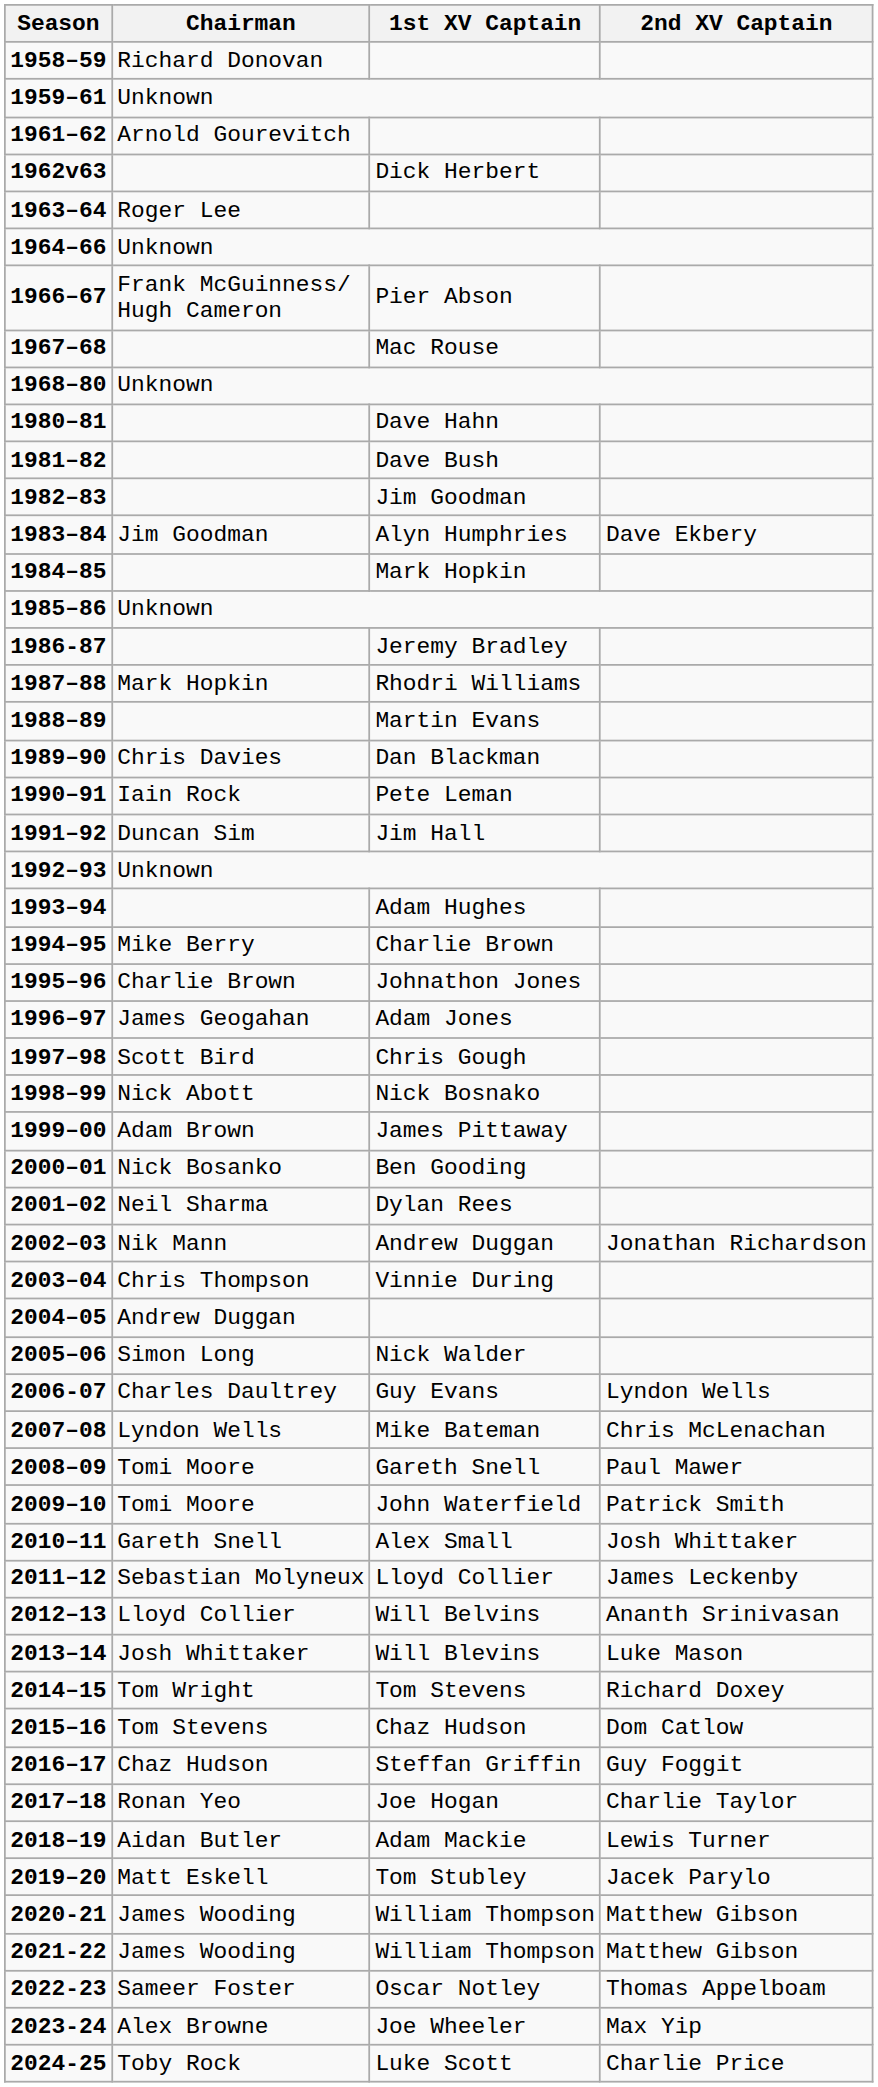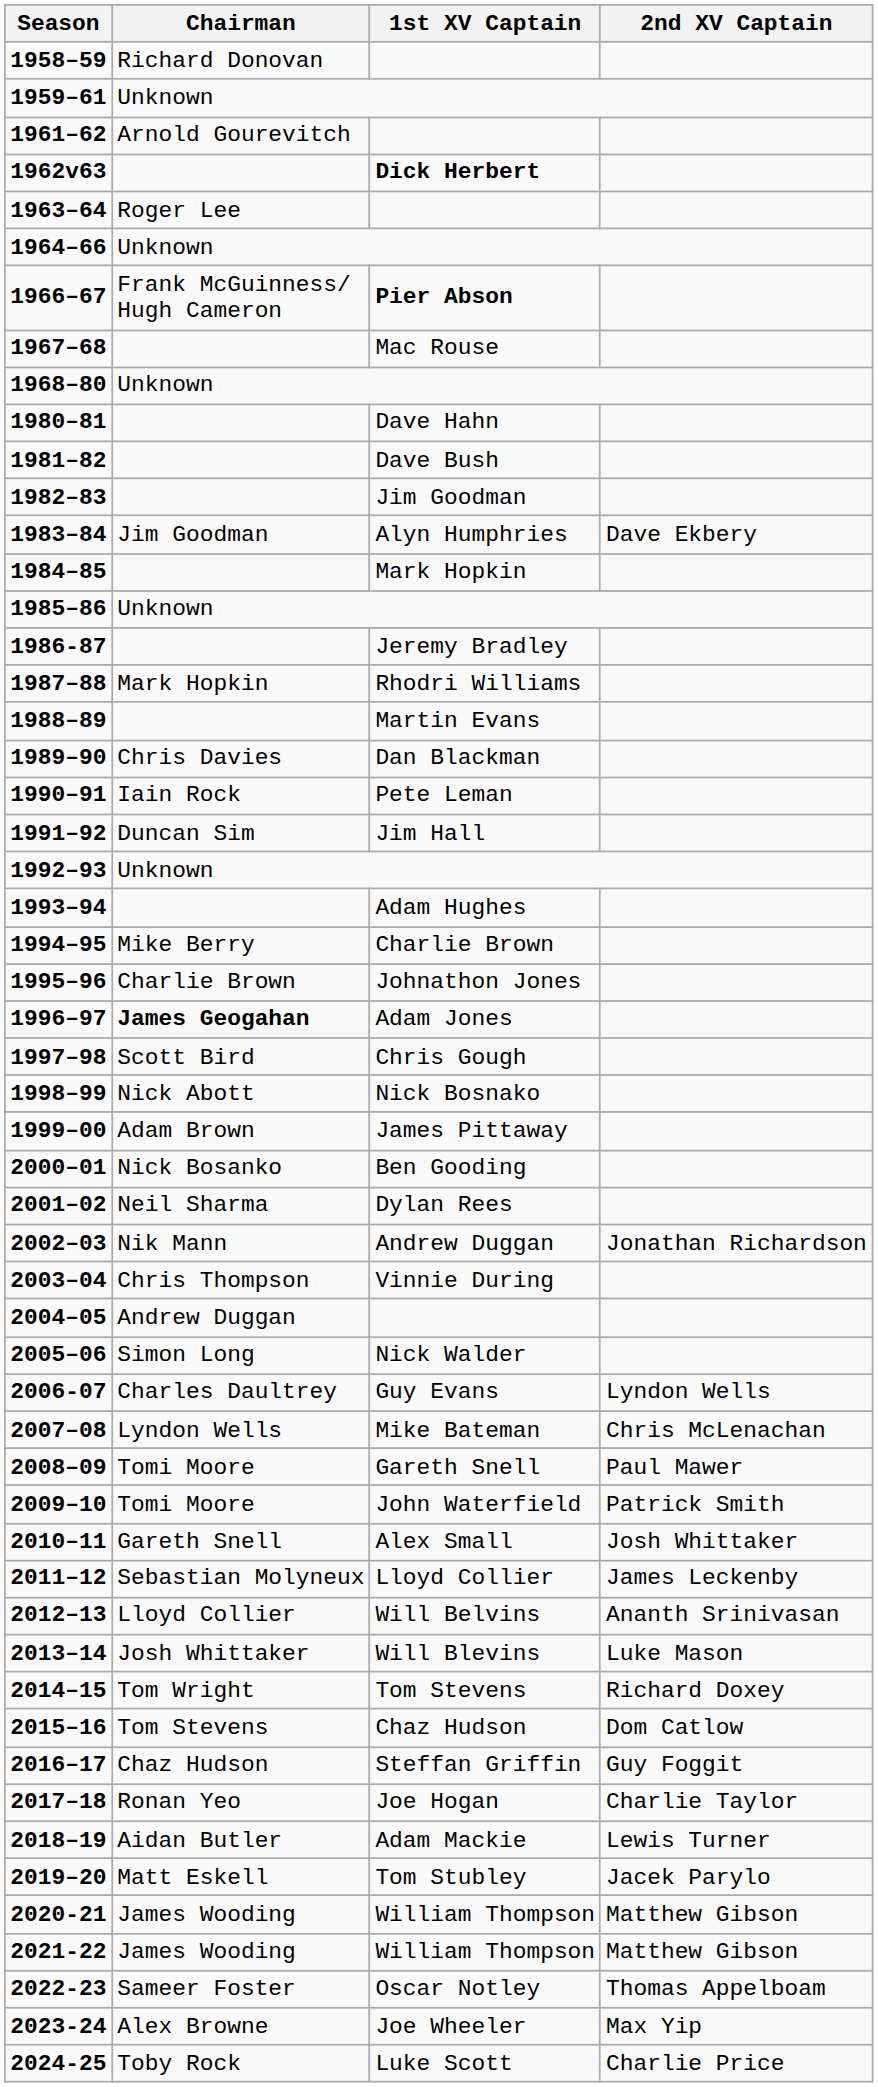 <table class="wikitable">
 <tr>
 <th>Season</th>
 <th>Chairman</th>
 <th>1st XV Captain</th>
 <th>2nd XV Captain</th>
 </tr>
 <tr>
 <td><strong>1958–59</strong></td>
 <td>Richard Donovan</td>
 <td></td>
 <td></td>
 </tr>
 <tr>
 <td><strong>1959–61</strong></td>
 <td colspan="3">Unknown</td>
 </tr>
 <tr>
 <td><strong>1961–62</strong></td>
 <td>Arnold Gourevitch</td>
 <td></td>
 <td></td>
 </tr>
 <tr>
 <td><strong>1962v63</strong></td>
 <td></td>
-<td>Dick Herbert</td>
+<td><strong>Dick Herbert</strong></td>
 <td></td>
 </tr>
 <tr>
 <td><strong>1963–64</strong></td>
 <td>Roger Lee</td>
 <td></td>
 <td></td>
 </tr>
 <tr>
 <td><strong>1964–66</strong></td>
 <td colspan="3">Unknown</td>
 </tr>
 <tr>
 <td><strong>1966–67</strong></td>
 <td>Frank McGuinness/<br>Hugh Cameron</td>
-<td>Pier Abson</td>
+<td><strong>Pier Abson</strong></td>
 <td></td>
 </tr>
 <tr>
 <td><strong>1967–68</strong></td>
 <td></td>
 <td>Mac Rouse</td>
 <td></td>
 </tr>
 <tr>
 <td><strong>1968–80</strong></td>
 <td colspan="3">Unknown</td>
 </tr>
 <tr>
 <td><strong>1980–81</strong></td>
 <td></td>
 <td>Dave Hahn</td>
 <td></td>
 </tr>
 <tr>
 <td><strong>1981–82</strong></td>
 <td></td>
 <td>Dave Bush</td>
 <td></td>
 </tr>
 <tr>
 <td><strong>1982–83</strong></td>
 <td></td>
 <td>Jim Goodman</td>
 <td></td>
 </tr>
 <tr>
 <td><strong>1983–84</strong></td>
 <td>Jim Goodman</td>
 <td>Alyn Humphries</td>
 <td>Dave Ekbery</td>
 </tr>
 <tr>
 <td><strong>1984–85</strong></td>
 <td></td>
 <td>Mark Hopkin</td>
 <td></td>
 </tr>
 <tr>
 <td><strong>1985–86</strong></td>
 <td colspan="3">Unknown</td>
 </tr>
 <tr>
 <td><strong>1986-87</strong></td>
 <td></td>
 <td>Jeremy Bradley</td>
 <td></td>
 </tr>
 <tr>
 <td><strong>1987–88</strong></td>
 <td>Mark Hopkin</td>
 <td>Rhodri Williams</td>
 <td></td>
 </tr>
 <tr>
 <td><strong>1988–89</strong></td>
 <td></td>
 <td>Martin Evans</td>
 <td></td>
 </tr>
 <tr>
 <td><strong>1989–90</strong></td>
 <td>Chris Davies</td>
 <td>Dan Blackman</td>
 <td></td>
 </tr>
 <tr>
 <td><strong>1990–91</strong></td>
 <td>Iain Rock</td>
 <td>Pete Leman</td>
 <td></td>
 </tr>
 <tr>
 <td><strong>1991–92</strong></td>
 <td>Duncan Sim</td>
 <td>Jim Hall</td>
 <td></td>
 </tr>
 <tr>
 <td><strong>1992–93</strong></td>
 <td colspan="3">Unknown</td>
 </tr>
 <tr>
 <td><strong>1993–94</strong></td>
 <td></td>
 <td>Adam Hughes</td>
 <td></td>
 </tr>
 <tr>
 <td><strong>1994–95</strong></td>
 <td>Mike Berry</td>
 <td>Charlie Brown</td>
 <td></td>
 </tr>
 <tr>
 <td><strong>1995–96</strong></td>
 <td>Charlie Brown</td>
 <td>Johnathon Jones</td>
 <td></td>
 </tr>
 <tr>
 <td><strong>1996–97</strong></td>
-<td>James Geogahan</td>
+<td><strong>James Geogahan</strong></td>
 <td>Adam Jones</td>
 <td></td>
 </tr>
 <tr>
 <td><strong>1997–98</strong></td>
 <td>Scott Bird</td>
 <td>Chris Gough</td>
 <td></td>
 </tr>
 <tr>
 <td><strong>1998–99</strong></td>
 <td>Nick Abott</td>
 <td>Nick Bosnako</td>
 <td></td>
 </tr>
 <tr>
 <td><strong>1999–00</strong></td>
 <td>Adam Brown</td>
 <td>James Pittaway</td>
 <td></td>
 </tr>
 <tr>
 <td><strong>2000–01</strong></td>
 <td>Nick Bosanko</td>
 <td>Ben Gooding</td>
 <td></td>
 </tr>
 <tr>
 <td><strong>2001–02</strong></td>
 <td>Neil Sharma</td>
 <td>Dylan Rees</td>
 <td></td>
 </tr>
 <tr>
 <td><strong>2002–03</strong></td>
 <td>Nik Mann</td>
 <td>Andrew Duggan</td>
 <td>Jonathan Richardson</td>
 </tr>
 <tr>
 <td><strong>2003–04</strong></td>
 <td>Chris Thompson</td>
 <td>Vinnie During</td>
 <td></td>
 </tr>
 <tr>
 <td><strong>2004–05</strong></td>
 <td>Andrew Duggan</td>
 <td></td>
 <td></td>
 </tr>
 <tr>
 <td><strong>2005–06</strong></td>
 <td>Simon Long</td>
 <td>Nick Walder</td>
 <td></td>
 </tr>
 <tr>
 <td><strong>2006-07</strong></td>
 <td>Charles Daultrey</td>
 <td>Guy Evans</td>
 <td>Lyndon Wells</td>
 </tr>
 <tr>
 <td><strong>2007–08</strong></td>
 <td>Lyndon Wells</td>
 <td>Mike Bateman</td>
 <td>Chris McLenachan</td>
 </tr>
 <tr>
 <td><strong>2008–09</strong></td>
 <td>Tomi Moore</td>
 <td>Gareth Snell</td>
 <td>Paul Mawer</td>
 </tr>
 <tr>
 <td><strong>2009–10</strong></td>
 <td>Tomi Moore</td>
 <td>John Waterfield</td>
 <td>Patrick Smith</td>
 </tr>
 <tr>
 <td><strong>2010–11</strong></td>
 <td>Gareth Snell</td>
 <td>Alex Small</td>
 <td>Josh Whittaker</td>
 </tr>
 <tr>
 <td><strong>2011–12</strong></td>
 <td>Sebastian Molyneux</td>
 <td>Lloyd Collier</td>
 <td>James Leckenby</td>
 </tr>
 <tr>
 <td><strong>2012–13</strong></td>
 <td>Lloyd Collier</td>
 <td>Will Belvins</td>
 <td>Ananth Srinivasan</td>
 </tr>
 <tr>
 <td><strong>2013–14</strong></td>
 <td>Josh Whittaker</td>
 <td>Will Blevins</td>
 <td>Luke Mason</td>
 </tr>
 <tr>
 <td><strong>2014–15</strong></td>
 <td>Tom Wright</td>
 <td>Tom Stevens</td>
 <td>Richard Doxey</td>
 </tr>
 <tr>
 <td><strong>2015–16</strong></td>
 <td>Tom Stevens</td>
 <td>Chaz Hudson</td>
 <td>Dom Catlow</td>
 </tr>
 <tr>
 <td><strong>2016–17</strong></td>
 <td>Chaz Hudson</td>
 <td>Steffan Griffin</td>
 <td>Guy Foggit</td>
 </tr>
 <tr>
 <td><strong>2017–18</strong></td>
 <td>Ronan Yeo</td>
 <td>Joe Hogan</td>
 <td>Charlie Taylor</td>
 </tr>
 <tr>
 <td><strong>2018–19</strong></td>
 <td>Aidan Butler</td>
 <td>Adam Mackie</td>
 <td>Lewis Turner</td>
 </tr>
 <tr>
 <td><strong>2019–20</strong></td>
 <td>Matt Eskell</td>
 <td>Tom Stubley</td>
 <td>Jacek Parylo</td>
 </tr>
 <tr>
 <td><strong>2020-21</strong></td>
 <td>James Wooding</td>
 <td>William Thompson</td>
 <td>Matthew Gibson</td>
 </tr>
 <tr>
 <td><strong>2021-22</strong></td>
 <td>James Wooding</td>
 <td>William Thompson</td>
 <td>Matthew Gibson</td>
 </tr>
 <tr>
 <td><strong>2022-23</strong></td>
 <td>Sameer Foster</td>
 <td>Oscar Notley</td>
 <td>Thomas Appelboam</td>
 </tr>
 <tr>
 <td><strong>2023-24</strong></td>
 <td>Alex Browne</td>
 <td>Joe Wheeler</td>
 <td>Max Yip</td>
 </tr>
 <tr>
 <td><strong>2024-25</strong></td>
 <td>Toby Rock</td>
 <td>Luke Scott</td>
 <td>Charlie Price</td>
 </tr>
 </table>
